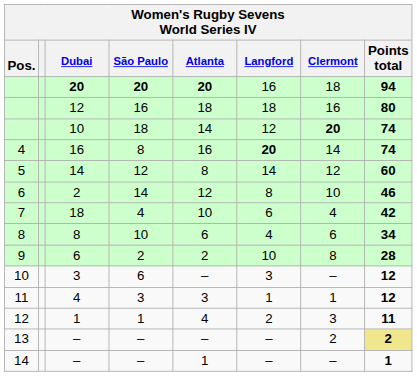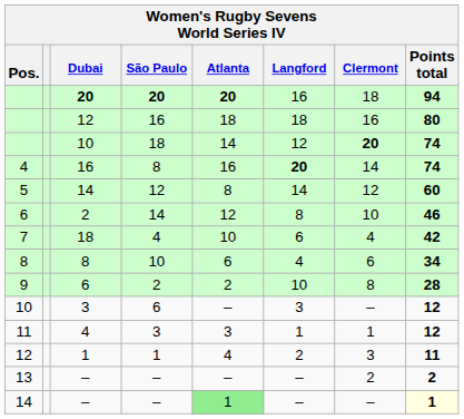 <table class="wikitable" style="text-align:center">
 <tr bgcolor="#efefef">
 <th colspan=13 style="border-right:0px;";>Women's Rugby Sevens<br>World Series IV</th>
 </tr>
 <tr bgcolor="#efefef">
 <th style="width:2em;"><br>Pos.</th>
 <th></th>
 <th style="width:5.2em; vertical-align:top; font-size:85%;"><br><a href='#'>Dubai</a></th>
 <th style="width:5.2em; vertical-align:top; font-size:85%;"><br><a href='#'>São Paulo</a></th>
 <th style="width:5.2em; vertical-align:top; font-size:85%;"><br><a href='#'>Atlanta</a></th>
 <th style="width:5.2em; vertical-align:top; font-size:85%;"><br><a href='#'>Langford</a></th>
 <th style="width:5.2em; vertical-align:top; font-size:85%;"><br><a href='#'>Clermont</a></th>
 <th>Points<br>total</th>
 </tr>
 <tr bgcolor=ccffcc>
 <td></td>
 <td align=left></td>
 <td><strong>20</strong></td>
 <td><strong>20</strong></td>
 <td><strong>20</strong></td>
 <td>16</td>
 <td>18</td>
 <td><strong>94</strong></td>
 </tr>
 <tr bgcolor=ccffcc>
 <td></td>
 <td align=left></td>
 <td>12</td>
 <td>16</td>
 <td>18</td>
 <td>18</td>
 <td>16</td>
 <td><strong>80</strong></td>
 </tr>
 <tr bgcolor=ccffcc>
 <td></td>
 <td align=left></td>
 <td>10</td>
 <td>18</td>
 <td>14</td>
 <td>12</td>
 <td><strong>20</strong></td>
 <td><strong>74</strong></td>
 </tr>
 <tr bgcolor=ccffcc>
 <td>4</td>
 <td align=left></td>
 <td>16</td>
 <td>8</td>
 <td>16</td>
 <td><strong>20</strong></td>
 <td>14</td>
 <td><strong>74</strong></td>
 </tr>
 <tr bgcolor=ccffcc>
 <td>5</td>
 <td align=left></td>
 <td>14</td>
 <td>12</td>
 <td>8</td>
 <td>14</td>
 <td>12</td>
 <td><strong>60</strong></td>
 </tr>
 <tr bgcolor=ccffcc>
 <td>6</td>
 <td align=left></td>
 <td>2</td>
 <td>14</td>
 <td>12</td>
 <td>8</td>
 <td>10</td>
 <td><strong>46</strong></td>
 </tr>
 <tr bgcolor=ccffcc>
 <td>7</td>
 <td align=left></td>
 <td>18</td>
 <td>4</td>
 <td>10</td>
 <td>6</td>
 <td>4</td>
 <td><strong>42</strong></td>
 </tr>
 <tr bgcolor=ccffcc>
 <td>8</td>
 <td align=left></td>
 <td>8</td>
 <td>10</td>
 <td>6</td>
 <td>4</td>
 <td>6</td>
 <td><strong>34</strong></td>
 </tr>
 <tr bgcolor=ccffcc>
 <td>9</td>
 <td align=left></td>
 <td>6</td>
 <td>2</td>
 <td>2</td>
 <td>10</td>
 <td>8</td>
 <td><strong>28</strong></td>
 </tr>
 <tr>
 <td>10</td>
 <td align=left></td>
 <td>3</td>
 <td>6</td>
 <td>–</td>
 <td>3</td>
 <td>–</td>
 <td><strong>12</strong></td>
 </tr>
 <tr>
 <td>11</td>
 <td align=left></td>
 <td>4</td>
 <td>3</td>
 <td>3</td>
 <td>1</td>
 <td>1</td>
 <td><strong>12</strong></td>
 </tr>
 <tr>
 <td>12</td>
 <td align=left></td>
 <td>1</td>
 <td>1</td>
 <td>4</td>
 <td>2</td>
 <td>3</td>
 <td><strong>11</strong></td>
 </tr>
 <tr>
 <td>13</td>
 <td align=left></td>
 <td>–</td>
 <td>–</td>
 <td>–</td>
 <td>–</td>
 <td>2</td>
-<td style="background: khaki;"><strong>2</strong></td>
+<td><strong>2</strong></td>
 </tr>
 <tr>
 <td>14</td>
 <td align=left></td>
 <td>–</td>
 <td>–</td>
-<td>1</td>
+<td style="background: lightgreen;">1</td>
 <td>–</td>
 <td>–</td>
-<td><strong>1</strong></td>
+<td style="background: lightyellow;"><strong>1</strong></td>
 </tr>
 </table>
